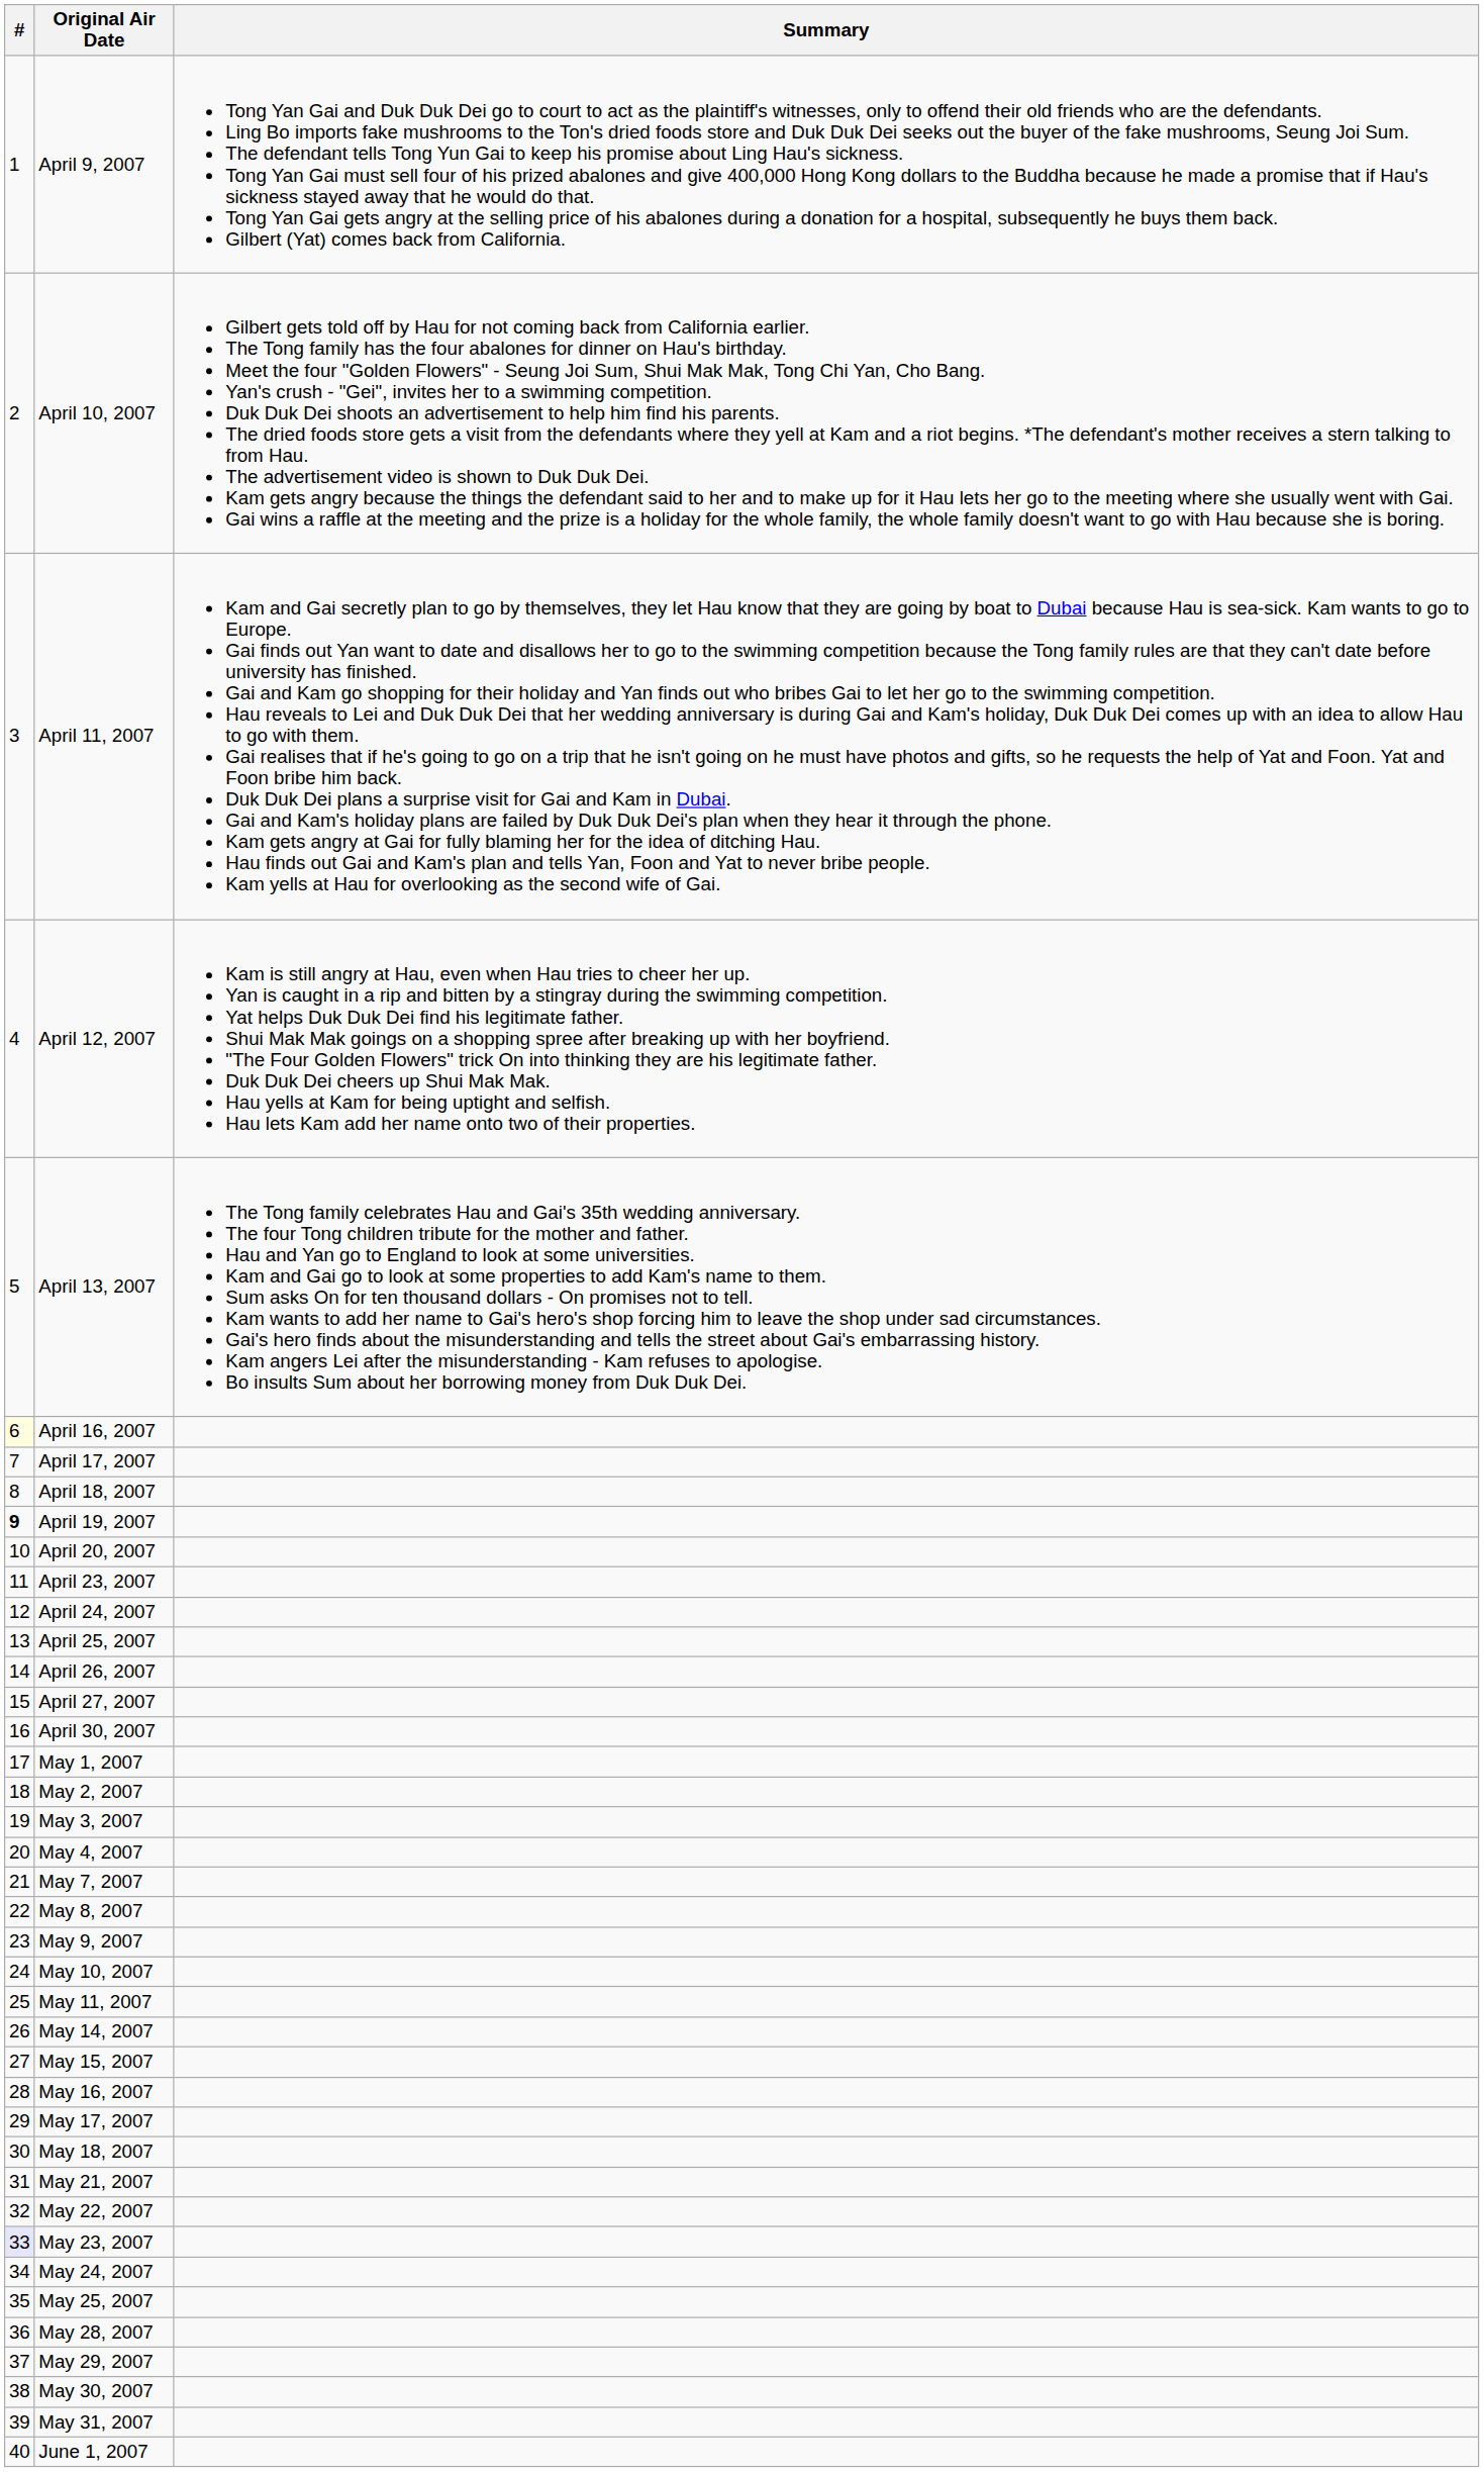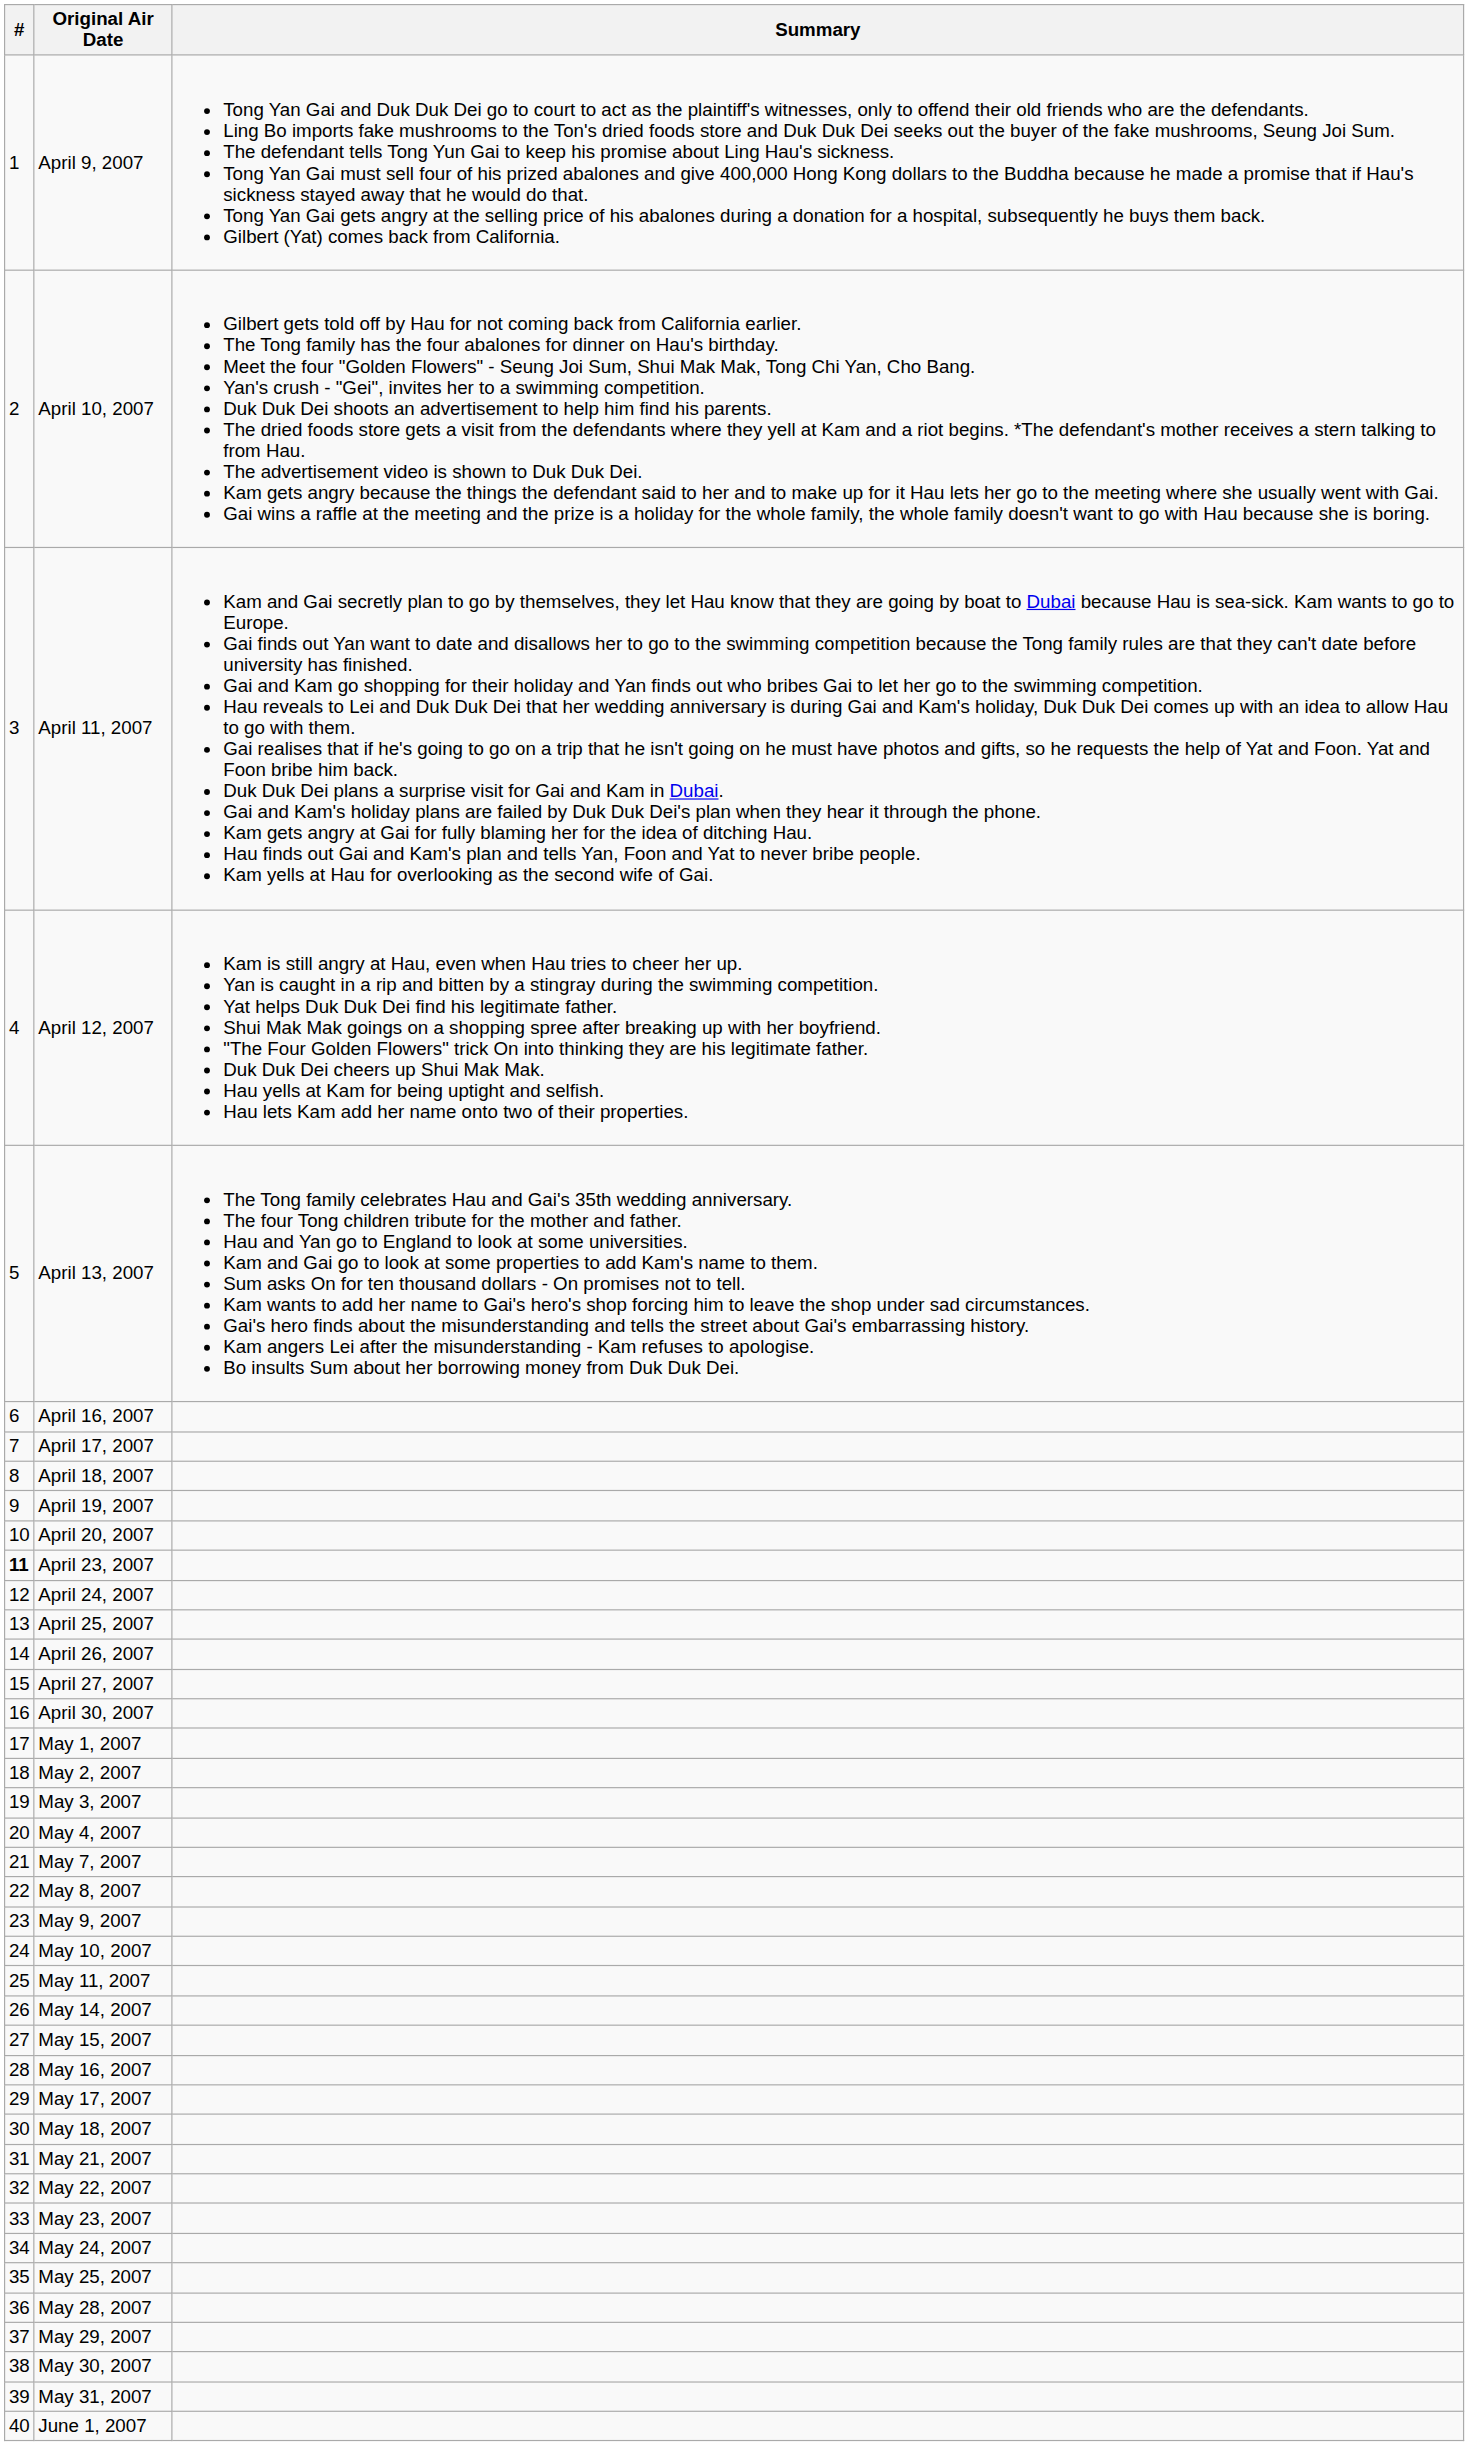 <table class="wikitable">
 <tr>
 <th>#</th>
 <th>Original Air Date</th>
 <th>Summary</th>
 </tr>
 <tr>
 <td>1</td>
 <td>April 9, 2007</td>
 <td><br><ul><li>Tong Yan Gai and Duk Duk Dei go to court to act as the plaintiff's witnesses, only to offend their old friends who are the defendants.</li><li>Ling Bo imports fake mushrooms to the Ton's dried foods store and Duk Duk Dei seeks out the buyer of the fake mushrooms, Seung Joi Sum.</li><li>The defendant tells Tong Yun Gai to keep his promise about Ling Hau's sickness.</li><li>Tong Yan Gai must sell four of his prized abalones and give 400,000 Hong Kong dollars to the Buddha because he made a promise that if Hau's sickness stayed away that he would do that.</li><li>Tong Yan Gai gets angry at the selling price of his abalones during a donation for a hospital, subsequently he buys them back.</li><li>Gilbert (Yat) comes back from California.</li></ul></td>
 </tr>
 <tr>
 <td>2</td>
 <td>April 10, 2007</td>
 <td><br><ul><li>Gilbert gets told off by Hau for not coming back from California earlier.</li><li>The Tong family has the four abalones for dinner on Hau's birthday.</li><li>Meet the four "Golden Flowers" - Seung Joi Sum, Shui Mak Mak, Tong Chi Yan, Cho Bang.</li><li>Yan's crush - "Gei", invites her to a swimming competition.</li><li>Duk Duk Dei shoots an advertisement to help him find his parents.</li><li>The dried foods store gets a visit from the defendants where they yell at Kam and a riot begins. *The defendant's mother receives a stern talking to from Hau.</li><li>The advertisement video is shown to Duk Duk Dei.</li><li>Kam gets angry because the things the defendant said to her and to make up for it Hau lets her go to the meeting where she usually went with Gai.</li><li>Gai wins a raffle at the meeting and the prize is a holiday for the whole family, the whole family doesn't want to go with Hau because she is boring.</li></ul></td>
 </tr>
 <tr>
 <td>3</td>
 <td>April 11, 2007</td>
 <td><br><ul><li>Kam and Gai secretly plan to go by themselves, they let Hau know that they are going by boat to <a href='#'>Dubai</a> because Hau is sea-sick. Kam wants to go to Europe.</li><li>Gai finds out Yan want to date and disallows her to go to the swimming competition because the Tong family rules are that they can't date before university has finished.</li><li>Gai and Kam go shopping for their holiday and Yan finds out who bribes Gai to let her go to the swimming competition.</li><li>Hau reveals to Lei and Duk Duk Dei that her wedding anniversary is during Gai and Kam's holiday, Duk Duk Dei comes up with an idea to allow Hau to go with them.</li><li>Gai realises that if he's going to go on a trip that he isn't going on he must have photos and gifts, so he requests the help of Yat and Foon. Yat and Foon bribe him back.</li><li>Duk Duk Dei plans a surprise visit for Gai and Kam in <a href='#'>Dubai</a>.</li><li>Gai and Kam's holiday plans are failed by Duk Duk Dei's plan when they hear it through the phone.</li><li>Kam gets angry at Gai for fully blaming her for the idea of ditching Hau.</li><li>Hau finds out Gai and Kam's plan and tells Yan, Foon and Yat to never bribe people.</li><li>Kam yells at Hau for overlooking as the second wife of Gai.</li></ul></td>
 </tr>
 <tr>
 <td>4</td>
 <td>April 12, 2007</td>
 <td><br><ul><li>Kam is still angry at Hau, even when Hau tries to cheer her up.</li><li>Yan is caught in a rip and bitten by a stingray during the swimming competition.</li><li>Yat helps Duk Duk Dei find his legitimate father.</li><li>Shui Mak Mak goings on a shopping spree after breaking up with her boyfriend.</li><li>"The Four Golden Flowers" trick On into thinking they are his legitimate father.</li><li>Duk Duk Dei cheers up Shui Mak Mak.</li><li>Hau yells at Kam for being uptight and selfish.</li><li>Hau lets Kam add her name onto two of their properties.</li></ul></td>
 </tr>
 <tr>
 <td>5</td>
 <td>April 13, 2007</td>
 <td><br><ul><li>The Tong family celebrates Hau and Gai's 35th wedding anniversary.</li><li>The four Tong children tribute for the mother and father.</li><li>Hau and Yan go to England to look at some universities.</li><li>Kam and Gai go to look at some properties to add Kam's name to them.</li><li>Sum asks On for ten thousand dollars - On promises not to tell.</li><li>Kam wants to add her name to Gai's hero's shop forcing him to leave the shop under sad circumstances.</li><li>Gai's hero finds about the misunderstanding and tells the street about Gai's embarrassing history.</li><li>Kam angers Lei after the misunderstanding - Kam refuses to apologise.</li><li>Bo insults Sum about her borrowing money from Duk Duk Dei.</li></ul></td>
 </tr>
 <tr>
-<td style="background: lightyellow;">6</td>
+<td>6</td>
 <td>April 16, 2007</td>
 <td></td>
 </tr>
 <tr>
 <td>7</td>
 <td>April 17, 2007</td>
 <td></td>
 </tr>
 <tr>
 <td>8</td>
 <td>April 18, 2007</td>
 <td></td>
 </tr>
 <tr>
-<td><strong>9</strong></td>
+<td>9</td>
 <td>April 19, 2007</td>
 <td></td>
 </tr>
 <tr>
 <td>10</td>
 <td>April 20, 2007</td>
 <td></td>
 </tr>
 <tr>
-<td>11</td>
+<td><strong>11</strong></td>
 <td>April 23, 2007</td>
 <td></td>
 </tr>
 <tr>
 <td>12</td>
 <td>April 24, 2007</td>
 <td></td>
 </tr>
 <tr>
 <td>13</td>
 <td>April 25, 2007</td>
 <td></td>
 </tr>
 <tr>
 <td>14</td>
 <td>April 26, 2007</td>
 <td></td>
 </tr>
 <tr>
 <td>15</td>
 <td>April 27, 2007</td>
 <td></td>
 </tr>
 <tr>
 <td>16</td>
 <td>April 30, 2007</td>
 <td></td>
 </tr>
 <tr>
 <td>17</td>
 <td>May 1, 2007</td>
 <td></td>
 </tr>
 <tr>
 <td>18</td>
 <td>May 2, 2007</td>
 <td></td>
 </tr>
 <tr>
 <td>19</td>
 <td>May 3, 2007</td>
 <td></td>
 </tr>
 <tr>
 <td>20</td>
 <td>May 4, 2007</td>
 <td></td>
 </tr>
 <tr>
 <td>21</td>
 <td>May 7, 2007</td>
 <td></td>
 </tr>
 <tr>
 <td>22</td>
 <td>May 8, 2007</td>
 <td></td>
 </tr>
 <tr>
 <td>23</td>
 <td>May 9, 2007</td>
 <td></td>
 </tr>
 <tr>
 <td>24</td>
 <td>May 10, 2007</td>
 <td></td>
 </tr>
 <tr>
 <td>25</td>
 <td>May 11, 2007</td>
 <td></td>
 </tr>
 <tr>
 <td>26</td>
 <td>May 14, 2007</td>
 <td></td>
 </tr>
 <tr>
 <td>27</td>
 <td>May 15, 2007</td>
 <td></td>
 </tr>
 <tr>
 <td>28</td>
 <td>May 16, 2007</td>
 <td></td>
 </tr>
 <tr>
 <td>29</td>
 <td>May 17, 2007</td>
 <td></td>
 </tr>
 <tr>
 <td>30</td>
 <td>May 18, 2007</td>
 <td></td>
 </tr>
 <tr>
 <td>31</td>
 <td>May 21, 2007</td>
 <td></td>
 </tr>
 <tr>
 <td>32</td>
 <td>May 22, 2007</td>
 <td></td>
 </tr>
 <tr>
-<td style="background: lavender;">33</td>
+<td>33</td>
 <td>May 23, 2007</td>
 <td></td>
 </tr>
 <tr>
 <td>34</td>
 <td>May 24, 2007</td>
 <td></td>
 </tr>
 <tr>
 <td>35</td>
 <td>May 25, 2007</td>
 <td></td>
 </tr>
 <tr>
 <td>36</td>
 <td>May 28, 2007</td>
 <td></td>
 </tr>
 <tr>
 <td>37</td>
 <td>May 29, 2007</td>
 <td></td>
 </tr>
 <tr>
 <td>38</td>
 <td>May 30, 2007</td>
 <td></td>
 </tr>
 <tr>
 <td>39</td>
 <td>May 31, 2007</td>
 <td></td>
 </tr>
 <tr>
 <td>40</td>
 <td>June 1, 2007</td>
 <td></td>
 </tr>
 </table>
